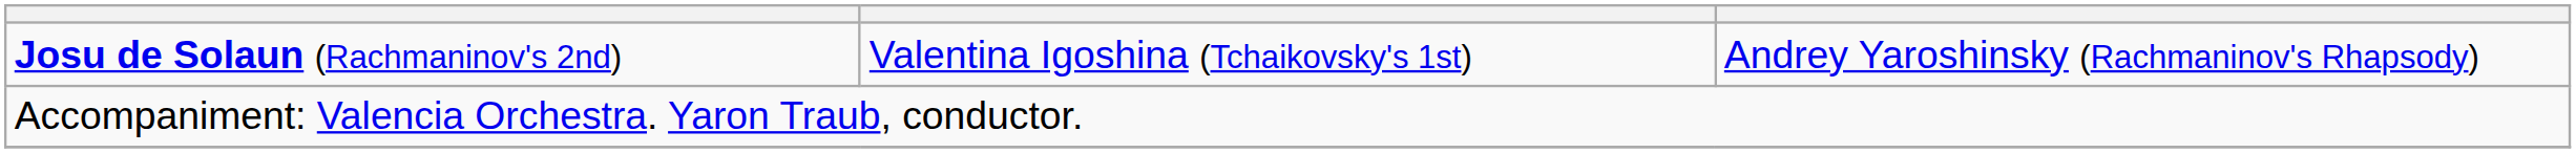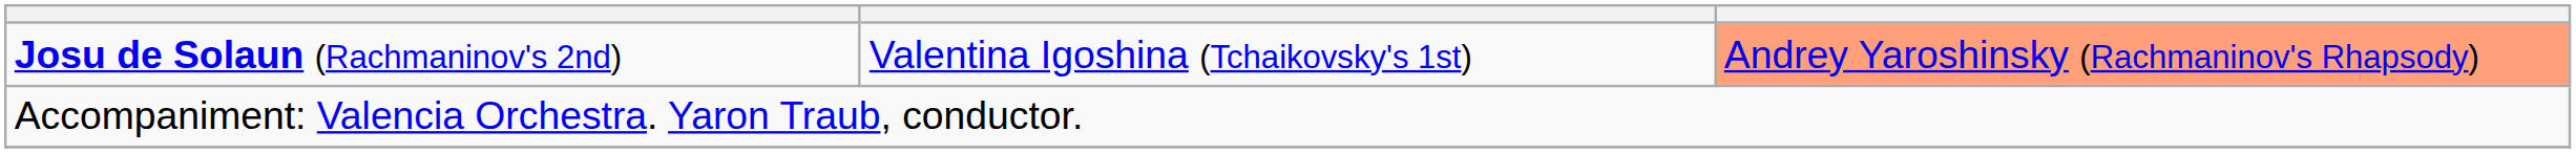 <table class="wikitable">
 <tr>
 <th width=342px></th>
 <th width=342px></th>
 <th width=342px></th>
 </tr>
 <tr>
 <td> <strong><a href='#'>Josu de Solaun</a></strong> <small>(<a href='#'>Rachmaninov's 2nd</a>)</small></td>
 <td> <a href='#'>Valentina Igoshina</a> <small>(<a href='#'>Tchaikovsky's 1st</a>)</small></td>
-<td> <a href='#'>Andrey Yaroshinsky</a> <small>(<a href='#'>Rachmaninov's Rhapsody</a>)</small></td>
+<td style="background: lightsalmon;"> <a href='#'>Andrey Yaroshinsky</a> <small>(<a href='#'>Rachmaninov's Rhapsody</a>)</small></td>
 </tr>
 <tr>
 <td colspan=3>Accompaniment: <a href='#'>Valencia Orchestra</a>. <a href='#'>Yaron Traub</a>, conductor.</td>
 </tr>
 <tr>
 </tr>
 </table>
